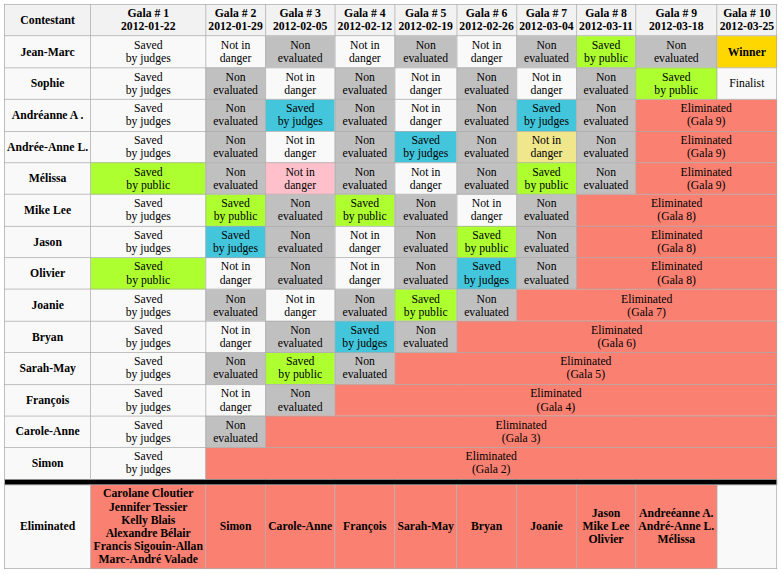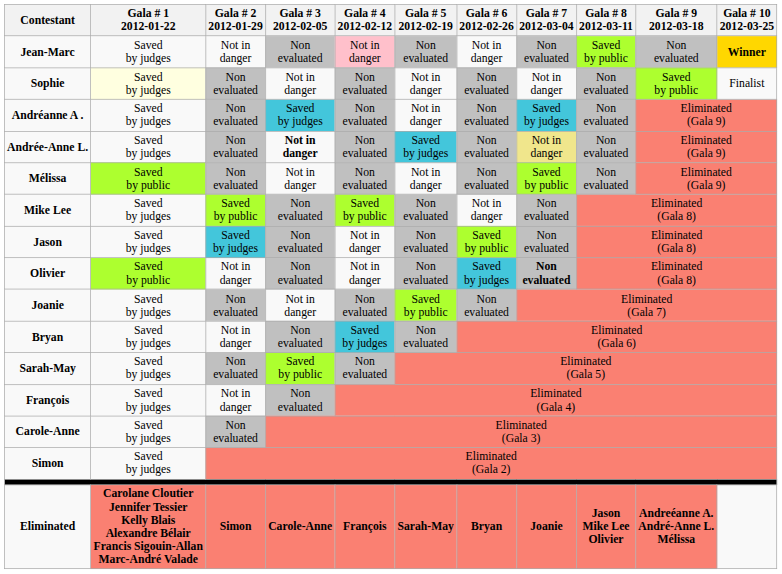 <table class="wikitable" style="text-align:center">
 <tr>
 <th>Contestant</th>
 <th>Gala # 1<br>2012-01-22</th>
 <th>Gala # 2<br>2012-01-29</th>
 <th>Gala # 3<br>2012-02-05</th>
 <th>Gala # 4<br>2012-02-12</th>
 <th>Gala # 5<br>2012-02-19</th>
 <th>Gala # 6<br>2012-02-26</th>
 <th>Gala # 7<br>2012-03-04</th>
 <th>Gala # 8<br>2012-03-11</th>
 <th>Gala # 9<br>2012-03-18</th>
 <th>Gala # 10<br>2012-03-25</th>
 </tr>
 <tr>
 <td><strong>Jean-Marc</strong></td>
 <td>Saved <br>by judges</td>
 <td>Not in <br>danger</td>
 <td style="background:#C0C0C0">Non<br>evaluated</td>
-<td>Not in <br>danger</td>
+<td style="background: pink;">Not in <br>danger</td>
 <td style="background:#C0C0C0">Non<br>evaluated</td>
 <td>Not in <br>danger</td>
 <td style="background:#C0C0C0">Non<br>evaluated</td>
 <td style="background:#ADFF2F;">Saved <br>by public</td>
 <td style="background:#C0C0C0">Non<br>evaluated</td>
 <td bgcolor="gold"><strong>Winner</strong></td>
 </tr>
 <tr>
 <td><strong>Sophie</strong></td>
-<td>Saved <br>by judges</td>
+<td style="background: lightyellow;">Saved <br>by judges</td>
 <td style="background:#C0C0C0">Non<br>evaluated</td>
 <td>Not in <br>danger</td>
 <td style="background:#C0C0C0">Non<br>evaluated</td>
 <td>Not in <br>danger</td>
 <td style="background:#C0C0C0">Non<br>evaluated</td>
 <td>Not in <br>danger</td>
 <td style="background:#C0C0C0">Non<br>evaluated</td>
 <td style="background:#ADFF2F;">Saved <br>by public</td>
 <td>Finalist</td>
 </tr>
 <tr>
 <td><strong>Andréanne A .</strong></td>
 <td>Saved <br>by judges</td>
 <td style="background:#C0C0C0">Non<br>evaluated</td>
 <td style="background:#43C6DB;">Saved<br>by judges</td>
 <td style="background:#C0C0C0">Non<br>evaluated</td>
 <td>Not in <br> danger</td>
 <td style="background:#C0C0C0">Non<br>evaluated</td>
 <td style="background:#43C6DB;">Saved<br>by judges</td>
 <td style="background:#C0C0C0">Non<br>evaluated</td>
 <td style="background:#FA8072;" colspan="10">Eliminated <br> (Gala 9)</td>
 </tr>
 <tr>
 <td><strong> Andrée-Anne L.</strong></td>
 <td>Saved <br>by judges</td>
 <td style="background:#C0C0C0">Non<br>evaluated</td>
-<td>Not in <br>danger</td>
+<td><strong>Not in <br>danger</strong></td>
 <td style="background:#C0C0C0">Non<br>evaluated</td>
 <td style="background:#43C6DB;">Saved <br>by judges</td>
 <td style="background:#C0C0C0">Non<br>evaluated</td>
 <td style="background: khaki;">Not in <br>danger</td>
 <td style="background:#C0C0C0">Non<br>evaluated</td>
 <td style="background:#FA8072;" colspan="10">Eliminated <br> (Gala 9)</td>
 </tr>
 <tr>
 <td><strong>Mélissa</strong></td>
 <td style="background:#ADFF2F;">Saved <br>by public</td>
 <td style="background:#C0C0C0">Non<br>evaluated</td>
-<td style="background: pink;">Not in <br>danger</td>
+<td>Not in <br>danger</td>
 <td style="background:#C0C0C0">Non<br>evaluated</td>
 <td>Not in <br>danger</td>
 <td style="background:#C0C0C0">Non<br>evaluated</td>
 <td style="background:#ADFF2F;">Saved <br>by public</td>
 <td style="background:#C0C0C0">Non<br>evaluated</td>
 <td style="background:#FA8072;" colspan="10">Eliminated <br> (Gala 9)</td>
 </tr>
 <tr>
 <td><strong>Mike Lee</strong></td>
 <td>Saved <br>by judges</td>
 <td style="background:#ADFF2F;">Saved <br>by public</td>
 <td style="background:#C0C0C0">Non<br>evaluated</td>
 <td style="background:#ADFF2F;">Saved <br>by public</td>
 <td style="background:#C0C0C0">Non<br>evaluated</td>
 <td>Not in <br>danger</td>
 <td style="background:#C0C0C0">Non<br>evaluated</td>
 <td style="background:#FA8072;" colspan="10">Eliminated <br> (Gala 8)</td>
 </tr>
 <tr>
 <td><strong>Jason</strong></td>
 <td>Saved <br>by judges</td>
 <td style="background:#43C6DB;">Saved <br>by judges</td>
 <td style="background:#C0C0C0">Non<br>evaluated</td>
 <td>Not in <br>danger</td>
 <td style="background:#C0C0C0">Non<br>evaluated</td>
 <td style="background:#ADFF2F;">Saved <br>by public</td>
 <td style="background:#C0C0C0">Non<br>evaluated</td>
 <td style="background:#FA8072;" colspan="10">Eliminated <br> (Gala 8)</td>
 </tr>
 <tr>
 <td><strong> Olivier</strong></td>
 <td style="background:#ADFF2F;">Saved<br>by public</td>
 <td>Not in <br>danger</td>
 <td style="background:#C0C0C0">Non<br>evaluated</td>
 <td>Not in <br>danger</td>
 <td style="background:#C0C0C0">Non<br>evaluated</td>
 <td style="background:#43C6DB;">Saved <br>by judges</td>
-<td style="background:#C0C0C0">Non<br>evaluated</td>
+<td style="background:#C0C0C0"><strong>Non<br>evaluated</strong></td>
 <td style="background:#FA8072;" colspan="10">Eliminated <br> (Gala 8)</td>
 </tr>
 <tr>
 <td><strong>Joanie</strong></td>
 <td>Saved <br>by judges</td>
 <td style="background:#C0C0C0">Non<br>evaluated</td>
 <td>Not in <br>danger</td>
 <td style="background:#C0C0C0">Non<br>evaluated</td>
 <td style="background:#ADFF2F;">Saved <br>by public</td>
 <td style="background:#C0C0C0">Non<br>evaluated</td>
 <td style="background:#FA8072;" colspan="10">Eliminated <br> (Gala 7)</td>
 </tr>
 <tr>
 <td><strong>Bryan</strong></td>
 <td>Saved <br>by judges</td>
 <td>Not in <br> danger</td>
 <td style="background:#C0C0C0">Non<br>evaluated</td>
 <td style="background:#43C6DB;">Saved <br>by judges</td>
 <td style="background:#C0C0C0">Non<br>evaluated</td>
 <td style="background:#FA8072;" colspan="10">Eliminated <br> (Gala 6)</td>
 </tr>
 <tr>
 <td><strong>Sarah-May</strong></td>
 <td>Saved <br>by judges</td>
 <td style="background:#C0C0C0">Non<br>evaluated</td>
 <td style="background:#ADFF2F;">Saved <br>by public</td>
 <td style="background:#C0C0C0">Non<br>evaluated</td>
 <td style="background:#FA8072;" colspan="10">Eliminated <br> (Gala 5)</td>
 </tr>
 <tr>
 <td><strong>François</strong></td>
 <td>Saved <br>by judges</td>
 <td>Not in <br>danger</td>
 <td style="background:#C0C0C0">Non<br>evaluated</td>
 <td style="background:#FA8072;" colspan="10">Eliminated <br> (Gala 4)</td>
 </tr>
 <tr>
 <td><strong>Carole-Anne</strong></td>
 <td>Saved <br>by judges</td>
 <td style="background:#C0C0C0">Non<br>evaluated</td>
 <td style="background:#FA8072;" colspan="10">Eliminated <br> (Gala 3)</td>
 </tr>
 <tr>
 <td><strong>Simon</strong></td>
 <td>Saved <br>by judges</td>
 <td style="background:#FA8072;" colspan="10">Eliminated <br> (Gala 2)</td>
 </tr>
 <tr>
 <th style="background:#000000;" colspan="14"></th>
 </tr>
 <tr>
 <td><strong>Eliminated</strong></td>
 <td style="background:#FA8072;"><strong>Carolane Cloutier <br> Jennifer Tessier <br> Kelly Blais <br> Alexandre Bélair <br> Francis Sigouin-Allan <br> Marc-André Valade </strong></td>
 <td style="background:#FA8072;"><strong>Simon</strong></td>
 <td style="background:#FA8072;"><strong>Carole-Anne</strong></td>
 <td style="background:#FA8072;"><strong>François</strong></td>
 <td style="background:#FA8072;"><strong>Sarah-May</strong></td>
 <td style="background:#FA8072;"><strong>Bryan</strong></td>
 <td style="background:#FA8072;"><strong>Joanie</strong></td>
 <td style="background:#FA8072;"><strong>Jason<br>Mike Lee<br>Olivier</strong></td>
 <td style="background:#FA8072;"><strong>Andreéanne A. <br> André-Anne L. <br> Mélissa</strong></td>
 <td></td>
 </tr>
 </table>
